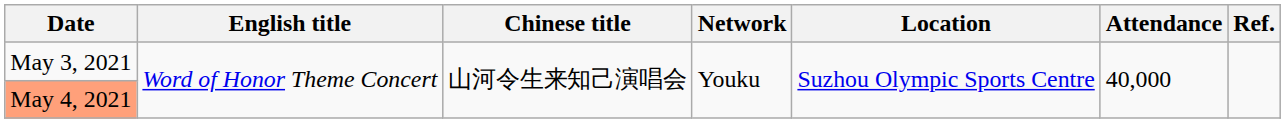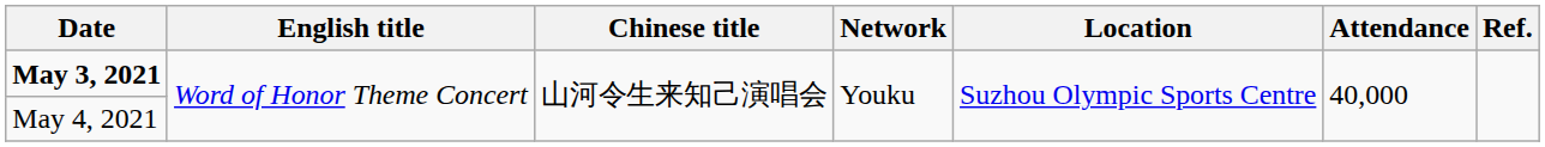 <table class="wikitable sortable">
 <tr>
 <th>Date</th>
 <th>English title</th>
 <th>Chinese title</th>
 <th>Network</th>
 <th>Location</th>
 <th>Attendance</th>
 <th>Ref.</th>
 </tr>
 <tr>
-<td>May 3, 2021</td>
+<td><strong>May 3, 2021</strong></td>
 <td rowspan="2"><em><a href='#'>Word of Honor</a> Theme Concert</em></td>
 <td rowspan="2">山河令生来知己演唱会</td>
 <td rowspan="2">Youku</td>
 <td rowspan="2"><a href='#'>Suzhou Olympic Sports Centre</a></td>
 <td rowspan="2">40,000</td>
 <td rowspan="2"></td>
 </tr>
 <tr>
-<td style="background: lightsalmon;">May 4, 2021</td>
+<td>May 4, 2021</td>
 </tr>
 </table>
